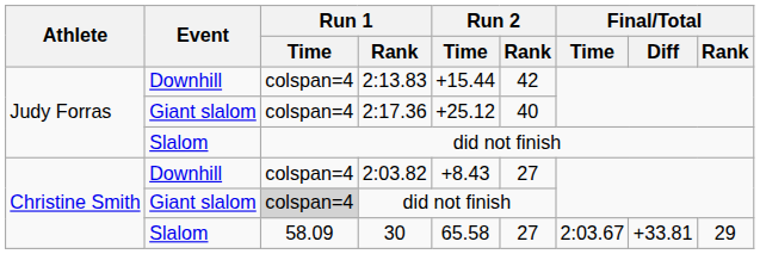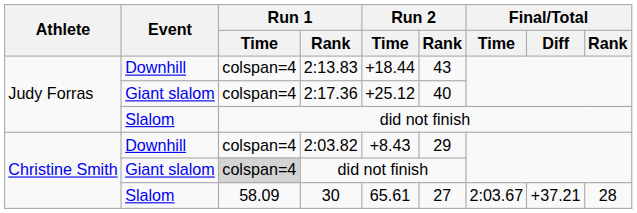 <table class="wikitable" style="font-size:90%">
 <tr>
 <th rowspan="2">Athlete</th>
 <th rowspan="2">Event</th>
 <th colspan="2">Run 1</th>
 <th colspan="2">Run 2</th>
 <th colspan="3">Final/Total</th>
 </tr>
 <tr>
 <th>Time</th>
 <th>Rank</th>
 <th>Time</th>
 <th>Rank</th>
 <th>Time</th>
 <th>Diff</th>
 <th>Rank</th>
 </tr>
 <tr align="center">
 <td align="left" rowspan=3>Judy Forras</td>
 <td align="left"><a href='#'>Downhill</a></td>
 <td>colspan=4 </td>
 <td>2:13.83</td>
-<td>+15.44</td>
-<td>42</td>
+<td>+18.44</td>
+<td>43</td>
 </tr>
 <tr align="center">
 <td align="left"><a href='#'>Giant slalom</a></td>
 <td>colspan=4 </td>
 <td>2:17.36</td>
 <td>+25.12</td>
 <td>40</td>
 </tr>
 <tr align="center">
 <td align="left"><a href='#'>Slalom</a></td>
 <td colspan=7>did not finish</td>
 </tr>
 <tr align="center">
 <td align="left" rowspan=3><a href='#'>Christine Smith</a></td>
 <td align="left"><a href='#'>Downhill</a></td>
 <td>colspan=4 </td>
 <td>2:03.82</td>
 <td>+8.43</td>
-<td>27</td>
+<td>29</td>
 </tr>
 <tr align="center">
 <td align="left"><a href='#'>Giant slalom</a></td>
 <td style="background: lightgrey;">colspan=4 </td>
 <td colspan=3>did not finish</td>
 </tr>
 <tr align="center">
 <td align="left"><a href='#'>Slalom</a></td>
 <td>58.09</td>
 <td>30</td>
-<td>65.58</td>
+<td>65.61</td>
 <td>27</td>
 <td>2:03.67</td>
-<td>+33.81</td>
-<td>29</td>
+<td>+37.21</td>
+<td>28</td>
 </tr>
 </table>
